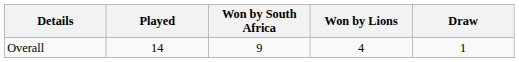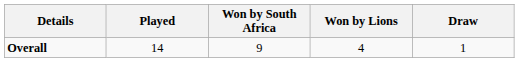 <table class="wikitable">
 <tr>
 <th style="width:125px">Details</th>
 <th style="width:125px">Played</th>
 <th style="width:125px">Won by South Africa</th>
 <th style="width:125px">Won by Lions</th>
 <th style="width:125px">Draw</th>
 </tr>
 <tr>
-<td>Overall</td>
+<td><strong>Overall</strong></td>
 <td style="text-align:center">14</td>
 <td style="text-align:center">9</td>
 <td style="text-align:center">4</td>
 <td style="text-align:center">1</td>
 </tr>
 </table>
